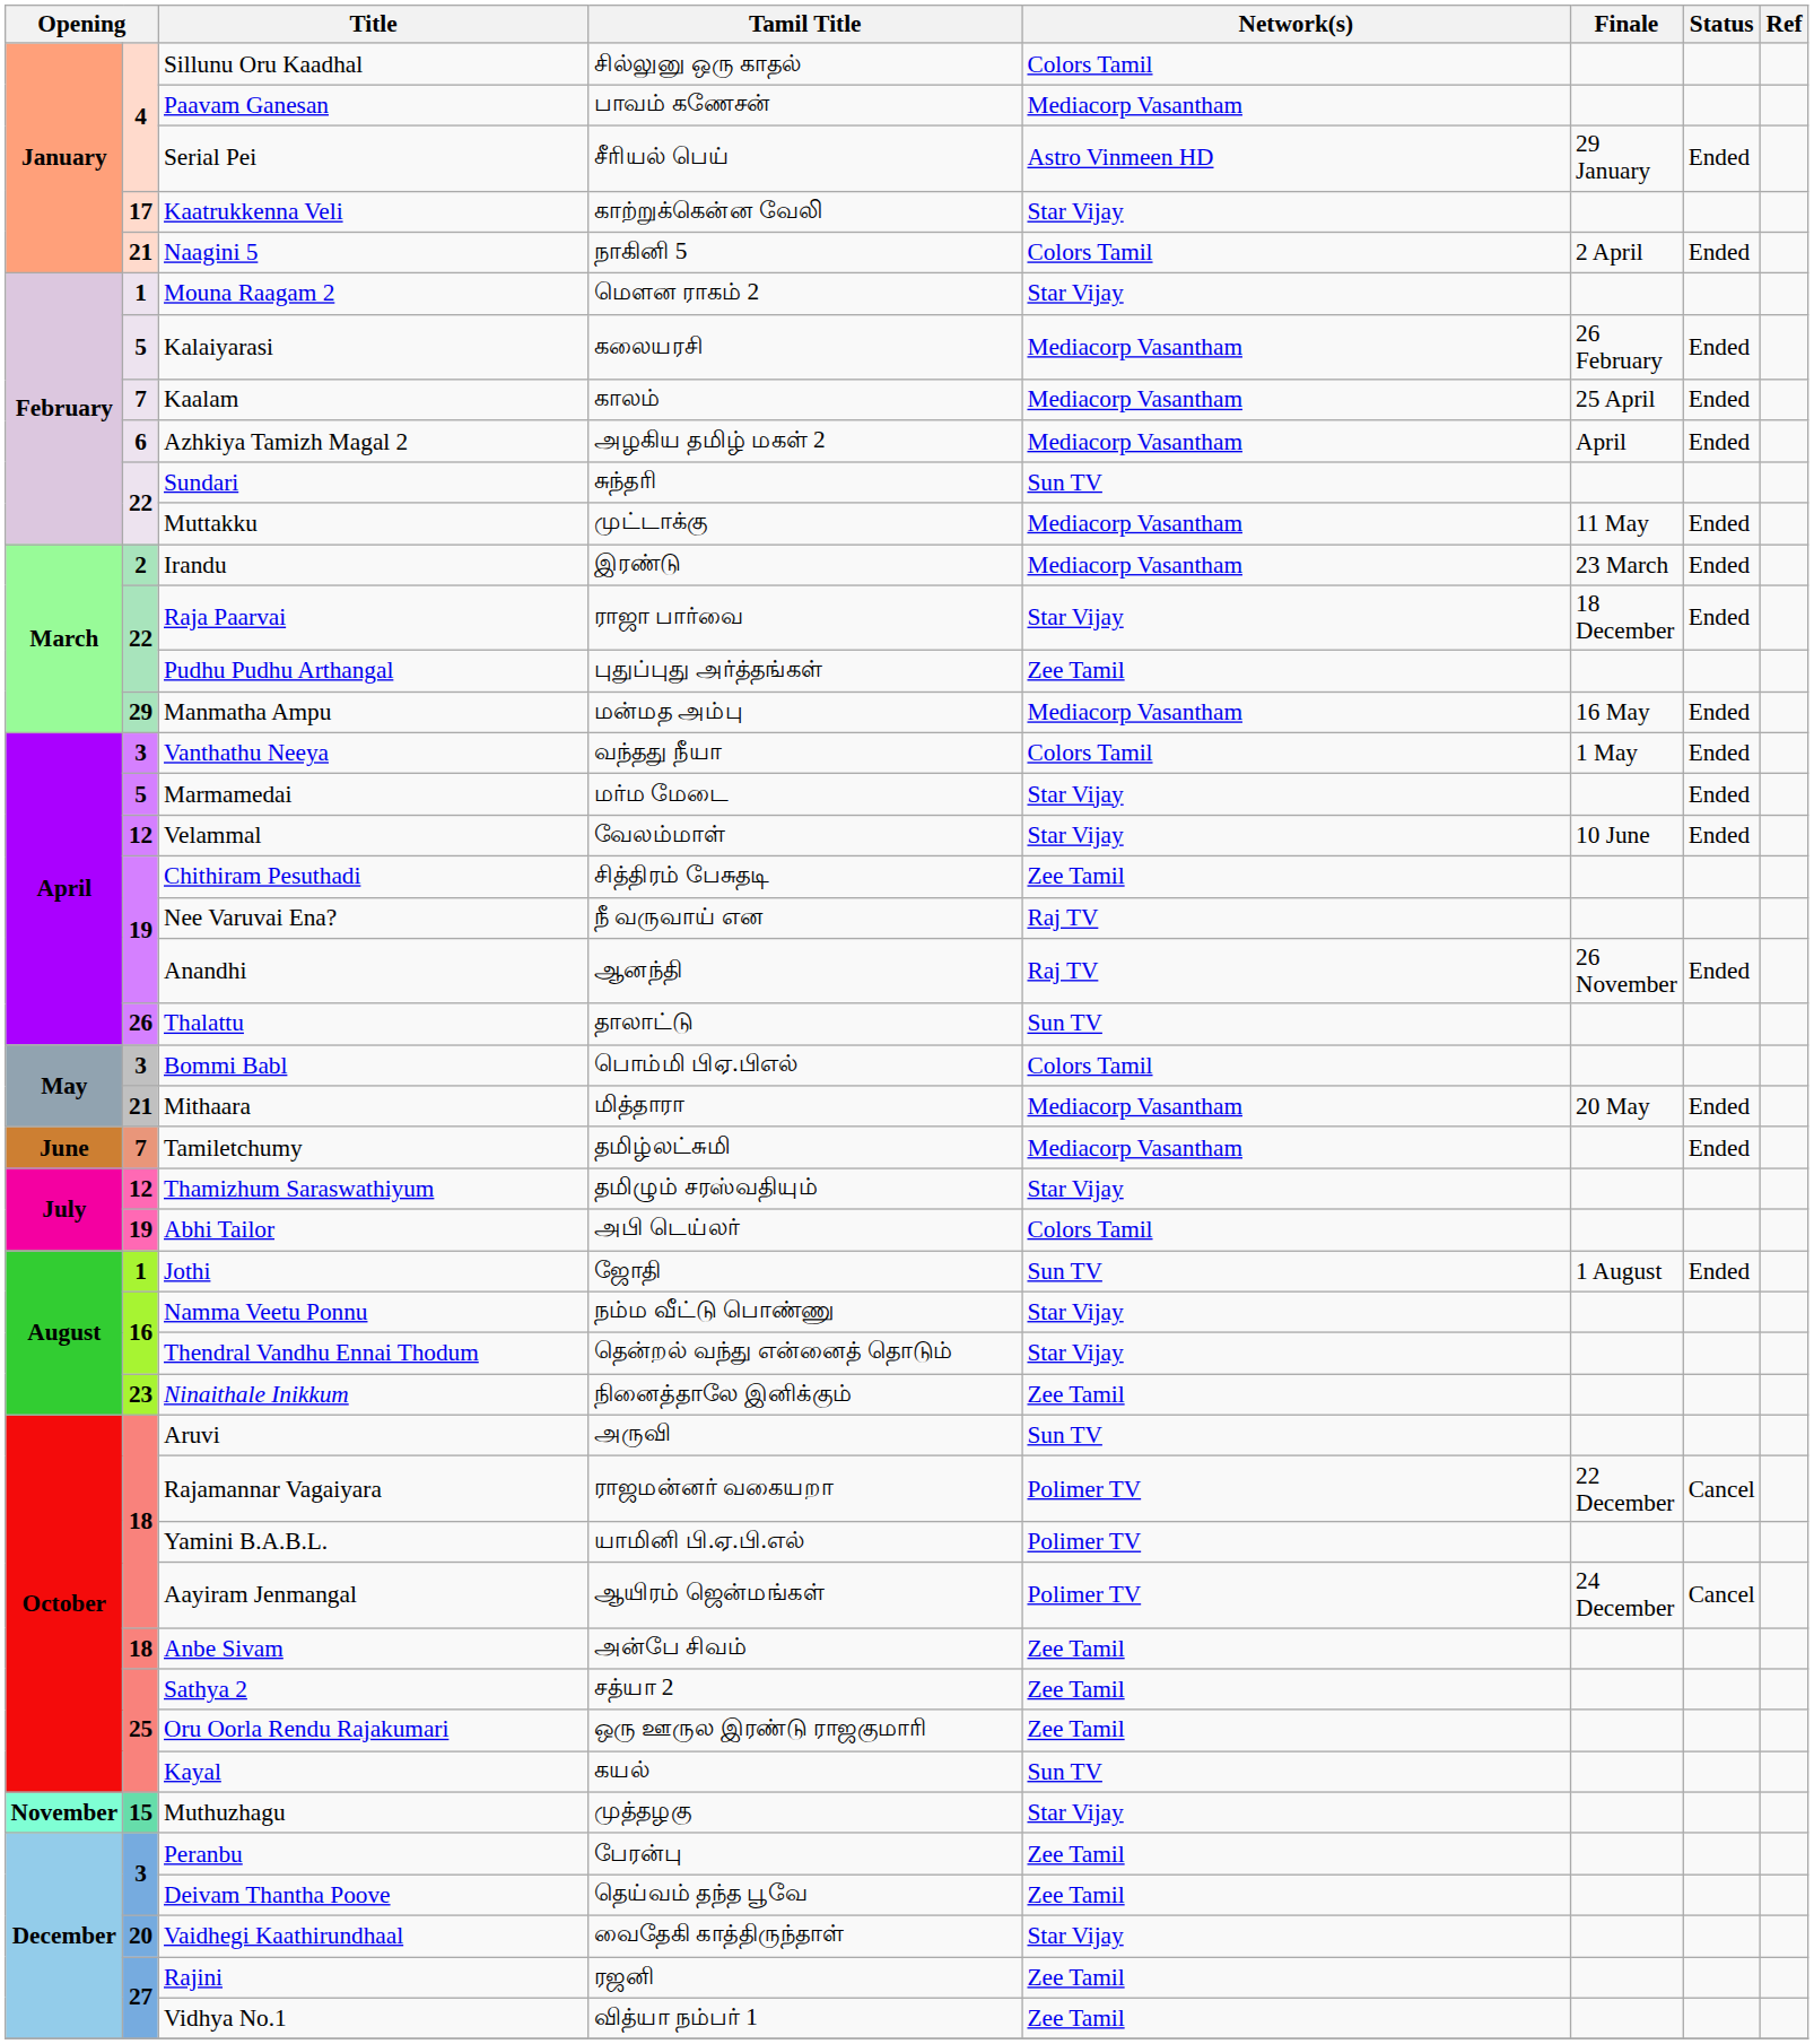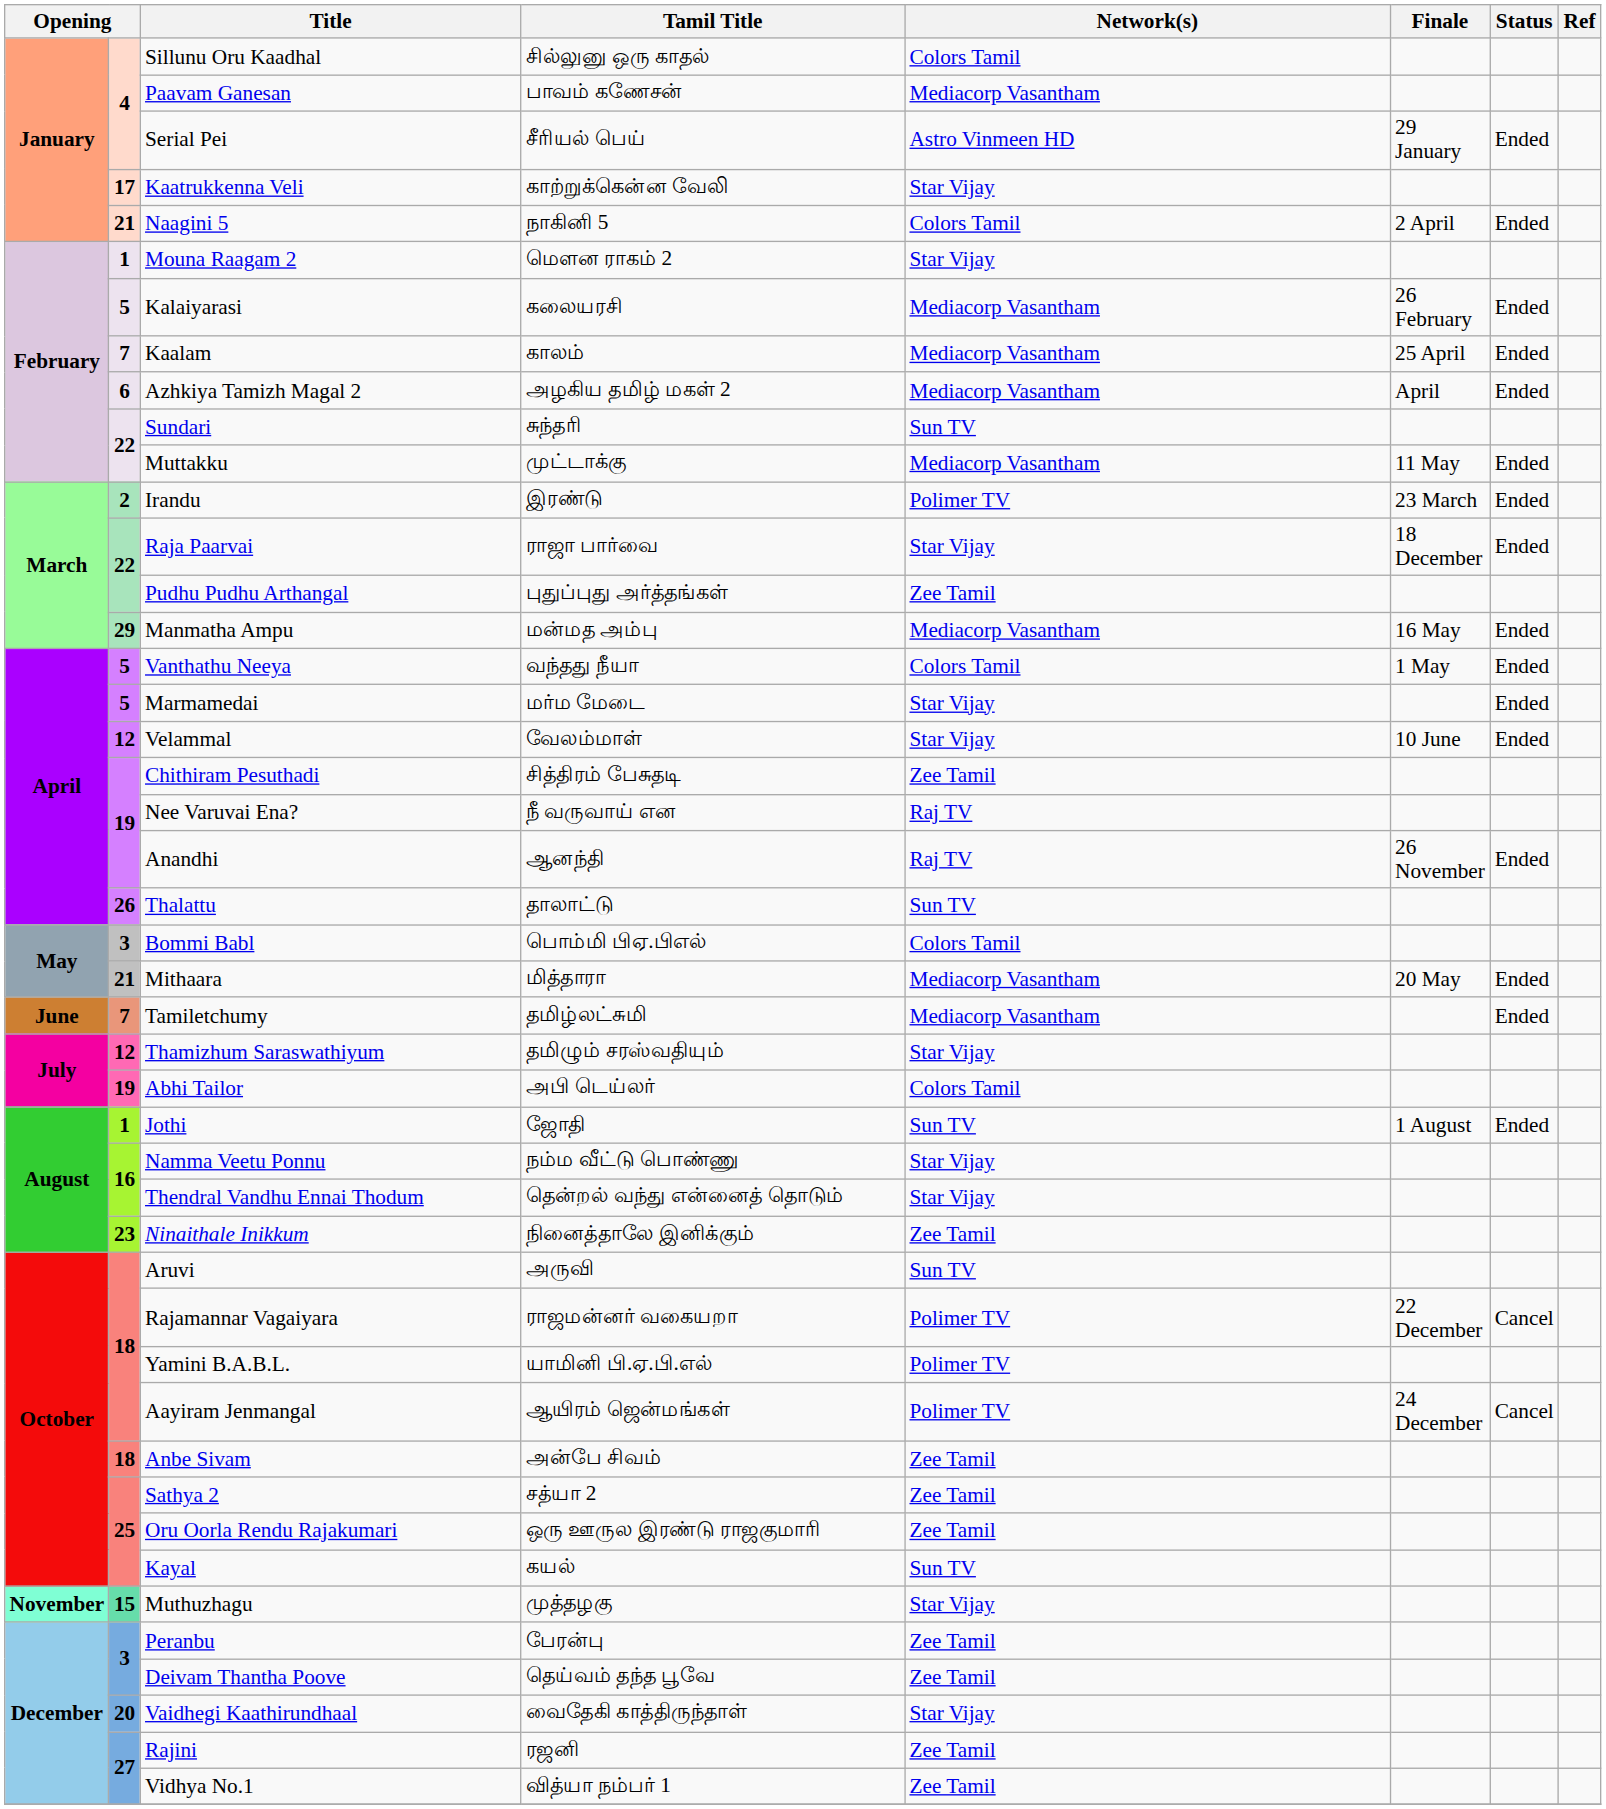 <table class="wikitable" width="95%">
 <tr>
 <th colspan="2">Opening</th>
 <th style="width:30%;">Title</th>
 <th style="width:30%;">Tamil Title</th>
 <th style="width:40%;">Network(s)</th>
 <th style="width:20%;">Finale</th>
 <th style="width:20%;">Status</th>
 <th>Ref</th>
 </tr>
 <tr>
 <td rowspan="5" style="text-align:center;background:#ffa07a;textcolor:#000;"><strong>January</strong></td>
 <td rowspan="3" style="text-align:center; background:#ffdacc;"><strong>4</strong></td>
 <td>Sillunu Oru Kaadhal</td>
 <td>சில்லுனு ஒரு காதல்</td>
 <td><a href='#'>Colors Tamil</a></td>
 <td></td>
 <td></td>
 <td></td>
 </tr>
 <tr>
 <td><a href='#'>Paavam Ganesan</a></td>
 <td>பாவம் கணேசன்</td>
 <td><a href='#'>Mediacorp Vasantham</a></td>
 <td></td>
 <td></td>
 <td></td>
 </tr>
 <tr>
 <td>Serial Pei</td>
 <td>சீரியல் பெய்</td>
 <td><a href='#'>Astro Vinmeen HD</a></td>
 <td>29 January</td>
 <td>Ended</td>
 <td></td>
 </tr>
 <tr>
 <td style="text-align:center; background:#ffdacc;"><strong>17</strong></td>
 <td><a href='#'>Kaatrukkenna Veli</a></td>
 <td>காற்றுக்கென்ன வேலி</td>
 <td><a href='#'>Star Vijay</a></td>
 <td></td>
 <td></td>
 <td></td>
 </tr>
 <tr>
 <td style="text-align:center; background:#ffdacc;"><strong>21</strong></td>
 <td><a href='#'>Naagini 5</a></td>
 <td>நாகினி 5</td>
 <td><a href='#'>Colors Tamil</a></td>
 <td>2 April</td>
 <td>Ended</td>
 <td></td>
 </tr>
 <tr>
 <td rowspan="6" style="text-align:center; background:#dcc7df; textcolor:#000;"><strong>February</strong></td>
 <td style="text-align:center; background:#ede3ef;"><strong>1</strong></td>
 <td><a href='#'>Mouna Raagam 2</a></td>
 <td>மௌன ராகம் 2</td>
 <td><a href='#'>Star Vijay</a></td>
 <td></td>
 <td></td>
 <td></td>
 </tr>
 <tr>
 <td style="text-align:center; background:#ede3ef;"><strong>5</strong></td>
 <td>Kalaiyarasi</td>
 <td>கலையரசி</td>
 <td><a href='#'>Mediacorp Vasantham</a></td>
 <td>26 February</td>
 <td>Ended</td>
 <td></td>
 </tr>
 <tr>
 <td style="text-align:center; background:#ede3ef;"><strong>7</strong></td>
 <td>Kaalam</td>
 <td>காலம்</td>
 <td><a href='#'>Mediacorp Vasantham</a></td>
 <td>25 April</td>
 <td>Ended</td>
 <td></td>
 </tr>
 <tr>
 <td style="text-align:center; background:#ede3ef;"><strong>6</strong></td>
 <td>Azhkiya Tamizh Magal 2</td>
 <td>அழகிய தமிழ் மகள் 2</td>
 <td><a href='#'>Mediacorp Vasantham</a></td>
 <td>April</td>
 <td>Ended</td>
 <td></td>
 </tr>
 <tr>
 <td rowspan="2" style="text-align:center; background:#ede3ef;"><strong>22</strong></td>
 <td><a href='#'>Sundari</a></td>
 <td>சுந்தரி</td>
 <td><a href='#'>Sun TV</a></td>
 <td></td>
 <td></td>
 </tr>
 <tr>
 <td>Muttakku</td>
 <td>முட்டாக்கு</td>
 <td><a href='#'>Mediacorp Vasantham</a></td>
 <td>11 May</td>
 <td>Ended</td>
 <td></td>
 </tr>
 <tr>
 <td rowspan="4" style="text-align:center; background:#98fb98; textcolor:#000;"><strong>March</strong></td>
 <td style="text-align:center; background:#a8e4bc;"><strong>2</strong></td>
 <td>Irandu</td>
 <td>இரண்டு</td>
-<td><a href='#'>Mediacorp Vasantham</a></td>
+<td><a href='#'>Polimer TV</a></td>
 <td>23 March</td>
 <td>Ended</td>
 <td></td>
 </tr>
 <tr>
 <td rowspan="2" style="text-align:center; background:#a8e4bc;"><strong>22</strong></td>
 <td><a href='#'>Raja Paarvai</a></td>
 <td>ராஜா பார்வை</td>
 <td><a href='#'>Star Vijay</a></td>
 <td>18 December</td>
 <td>Ended</td>
 <td></td>
 </tr>
 <tr>
 <td><a href='#'>Pudhu Pudhu Arthangal</a></td>
 <td>புதுப்புது அர்த்தங்கள்</td>
 <td><a href='#'>Zee Tamil</a></td>
 <td></td>
 <td></td>
 <td></td>
 </tr>
 <tr>
 <td style="text-align:center; background:#a8e4bc;"><strong>29</strong></td>
 <td>Manmatha Ampu</td>
 <td>மன்மத அம்பு</td>
 <td><a href='#'>Mediacorp Vasantham</a></td>
 <td>16 May</td>
 <td>Ended</td>
 <td></td>
 </tr>
 <tr>
 <td rowspan="7" style="text-align:center; background:#a0f; textcolor:#d580ff;"><strong>April</strong></td>
-<td style="text-align:center; background:#d580ff"><strong>3</strong></td>
+<td style="text-align:center; background:#d580ff"><strong>5</strong></td>
 <td><a href='#'>Vanthathu Neeya</a></td>
 <td>வந்தது நீயா</td>
 <td><a href='#'>Colors Tamil</a></td>
 <td>1 May</td>
 <td>Ended</td>
 <td></td>
 </tr>
 <tr>
 <td style="text-align:center; background:#d580ff"><strong>5</strong></td>
 <td>Marmamedai</td>
 <td>மர்ம மேடை</td>
 <td><a href='#'>Star Vijay</a></td>
 <td></td>
 <td>Ended</td>
 <td></td>
 </tr>
 <tr>
 <td style="text-align:center; background:#d580ff"><strong>12</strong></td>
 <td>Velammal</td>
 <td>வேலம்மாள்</td>
 <td><a href='#'>Star Vijay</a></td>
 <td>10 June</td>
 <td>Ended</td>
 <td></td>
 </tr>
 <tr>
 <td rowspan="3" style="text-align:center; background:#d580ff"><strong>19</strong></td>
 <td><a href='#'>Chithiram Pesuthadi</a></td>
 <td>சித்திரம் பேசுதடி</td>
 <td><a href='#'>Zee Tamil</a></td>
 <td></td>
 <td></td>
 <td></td>
 </tr>
 <tr>
 <td>Nee Varuvai Ena?</td>
 <td>நீ வருவாய் என</td>
 <td><a href='#'>Raj TV</a></td>
 <td></td>
 <td></td>
 <td></td>
 </tr>
 <tr>
 <td>Anandhi</td>
 <td>ஆனந்தி</td>
 <td><a href='#'>Raj TV</a></td>
 <td>26 November</td>
 <td>Ended</td>
 <td></td>
 </tr>
 <tr>
 <td style="text-align:center; background:#d580ff"><strong>26</strong></td>
 <td><a href='#'>Thalattu</a></td>
 <td>தாலாட்டு</td>
 <td><a href='#'>Sun TV</a></td>
 <td></td>
 <td></td>
 <td></td>
 </tr>
 <tr>
 <td rowspan="2" style="text-align:center; background:#91a3b0; textcolor:#000;"><strong>May</strong></td>
 <td style="text-align:center; background:silver"><strong>3</strong></td>
 <td><a href='#'>Bommi Babl</a></td>
 <td>பொம்மி பிஏ.பிஎல்</td>
 <td><a href='#'>Colors Tamil</a></td>
 <td></td>
 <td></td>
 <td></td>
 </tr>
 <tr>
 <td style="text-align:center; background:silver"><strong>21</strong></td>
 <td>Mithaara</td>
 <td>மித்தாரா</td>
 <td><a href='#'>Mediacorp Vasantham</a></td>
 <td>20 May</td>
 <td>Ended</td>
 <td></td>
 </tr>
 <tr>
 <td style="text-align:center; background:#CD7F32; textcolor:#000;"><strong>June</strong></td>
 <td style="text-align:center; background:#e9967a;"><strong>7</strong></td>
 <td>Tamiletchumy</td>
 <td>தமிழ்லட்சுமி</td>
 <td><a href='#'>Mediacorp Vasantham</a></td>
 <td></td>
 <td>Ended</td>
 <td></td>
 </tr>
 <tr>
 <td rowspan="2" style="text-align:center; background:#F400A1; textcolor:#000;"><strong>July</strong></td>
 <td style="text-align:center; background:hotPink;"><strong>12</strong></td>
 <td><a href='#'>Thamizhum Saraswathiyum</a></td>
 <td>தமிழும் சரஸ்வதியும்</td>
 <td><a href='#'>Star Vijay</a></td>
 <td></td>
 <td></td>
 <td></td>
 </tr>
 <tr>
 <td style="text-align:center; background:hotPink;"><strong>19</strong></td>
 <td><a href='#'>Abhi Tailor</a></td>
 <td>அபி டெய்லர்</td>
 <td><a href='#'>Colors Tamil</a></td>
 <td></td>
 <td></td>
 <td></td>
 </tr>
 <tr>
 <td rowspan="4" style="text-align:center; background:#32CD32; textcolor:#d580ff;"><strong>August</strong></td>
 <td style="text-align:center; background:#a7f432;"><strong>1</strong></td>
 <td><a href='#'>Jothi</a></td>
 <td>ஜோதி</td>
 <td><a href='#'>Sun TV</a></td>
 <td>1 August</td>
 <td>Ended</td>
 <td></td>
 </tr>
 <tr>
 <td rowspan="2" style="text-align:center; background:#a7f432;"><strong>16</strong></td>
 <td><a href='#'>Namma Veetu Ponnu</a></td>
 <td>நம்ம வீட்டு பொண்ணு</td>
 <td><a href='#'>Star Vijay</a></td>
 <td></td>
 <td></td>
 <td></td>
 </tr>
 <tr>
 <td><a href='#'>Thendral Vandhu Ennai Thodum</a></td>
 <td>தென்றல் வந்து என்னைத் தொடும்</td>
 <td><a href='#'>Star Vijay</a></td>
 <td></td>
 <td></td>
 <td></td>
 </tr>
 <tr>
 <td style="text-align:center; background:#a7f432;"><strong>23</strong></td>
 <td><em><a href='#'>Ninaithale Inikkum</a></em></td>
 <td>நினைத்தாலே இனிக்கும்</td>
 <td><a href='#'>Zee Tamil</a></td>
 <td></td>
 <td></td>
 <td></td>
 </tr>
 <tr>
 <td rowspan="8" style="text-align:center; background:#f40b0b; textcolor:#000;"><strong>October</strong></td>
 <td rowspan="4"  style="text-align:center;background:#f9827c;"><strong>18</strong></td>
 <td>Aruvi</td>
 <td>அருவி</td>
 <td><a href='#'>Sun TV</a></td>
 <td></td>
 <td></td>
 <td></td>
 </tr>
 <tr>
 <td>Rajamannar Vagaiyara</td>
 <td>ராஜமன்னர் வகையறா</td>
 <td><a href='#'>Polimer TV</a></td>
 <td>22 December</td>
 <td>Cancel</td>
 <td></td>
 </tr>
 <tr>
 <td>Yamini B.A.B.L.</td>
 <td>யாமினி பி.ஏ.பி.எல்</td>
 <td><a href='#'>Polimer TV</a></td>
 <td></td>
 <td></td>
 <td></td>
 </tr>
 <tr>
 <td>Aayiram Jenmangal</td>
 <td>ஆயிரம் ஜென்மங்கள்</td>
 <td><a href='#'>Polimer TV</a></td>
 <td>24 December</td>
 <td>Cancel</td>
 <td></td>
 </tr>
 <tr>
 <td style="text-align:center;background:#f9827c;"><strong>18</strong></td>
 <td><a href='#'>Anbe Sivam</a></td>
 <td>அன்பே சிவம்</td>
 <td><a href='#'>Zee Tamil</a></td>
 <td></td>
 <td></td>
 <td></td>
 </tr>
 <tr>
 <td rowspan="3" style="text-align:center;background:#f9827c;"><strong>25</strong></td>
 <td><a href='#'>Sathya 2</a></td>
 <td>சத்யா 2</td>
 <td><a href='#'>Zee Tamil</a></td>
 <td></td>
 <td></td>
 <td></td>
 </tr>
 <tr>
 <td><a href='#'>Oru Oorla Rendu Rajakumari</a></td>
 <td>ஒரு ஊருல இரண்டு ராஜகுமாரி</td>
 <td><a href='#'>Zee Tamil</a></td>
 <td></td>
 <td></td>
 <td></td>
 </tr>
 <tr>
 <td><a href='#'>Kayal</a></td>
 <td>கயல்</td>
 <td><a href='#'>Sun TV</a></td>
 <td></td>
 <td></td>
 <td></td>
 </tr>
 <tr>
 <td style="text-align:center; background:#7FFFD4; textcolor:#000;"><strong>November</strong></td>
 <td style="text-align:center; background:#6da;"><strong>15</strong></td>
 <td>Muthuzhagu</td>
 <td>முத்தழகு</td>
 <td><a href='#'>Star Vijay</a></td>
 <td></td>
 <td></td>
 <td></td>
 </tr>
 <tr>
 <td rowspan="5" style="text-align:center; background:#93CCEA; textcolor:#000;"><strong>December</strong></td>
 <td rowspan="2" style="text-align:center; background:#76ABDF;"><strong>3</strong></td>
 <td><a href='#'>Peranbu</a></td>
 <td>பேரன்பு</td>
 <td><a href='#'>Zee Tamil</a></td>
 <td></td>
 <td></td>
 <td></td>
 </tr>
 <tr>
 <td><a href='#'>Deivam Thantha Poove</a></td>
 <td>தெய்வம் தந்த பூவே</td>
 <td><a href='#'>Zee Tamil</a></td>
 <td></td>
 <td></td>
 <td></td>
 </tr>
 <tr>
 <td style="text-align:center; background:#76ABDF;"><strong>20</strong></td>
 <td><a href='#'>Vaidhegi Kaathirundhaal</a></td>
 <td>வைதேகி காத்திருந்தாள்</td>
 <td><a href='#'>Star Vijay</a></td>
 <td></td>
 <td></td>
 <td></td>
 </tr>
 <tr>
 <td rowspan="2" style="text-align:center; background:#76ABDF;"><strong>27</strong></td>
 <td><a href='#'>Rajini</a></td>
 <td>ரஜனி</td>
 <td><a href='#'>Zee Tamil</a></td>
 <td></td>
 <td></td>
 <td></td>
 </tr>
 <tr>
 <td>Vidhya No.1</td>
 <td>வித்யா நம்பர் 1</td>
 <td><a href='#'>Zee Tamil</a></td>
 <td></td>
 <td></td>
 <td></td>
 </tr>
 <tr>
 </tr>
 </table>
